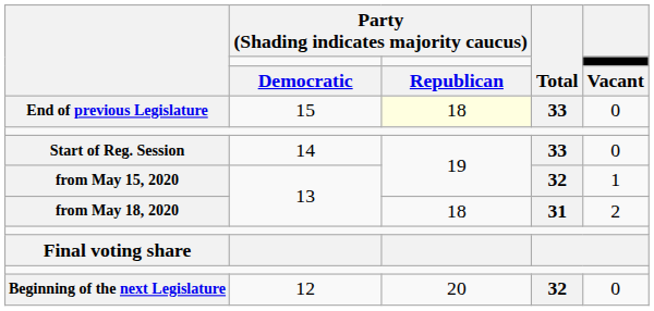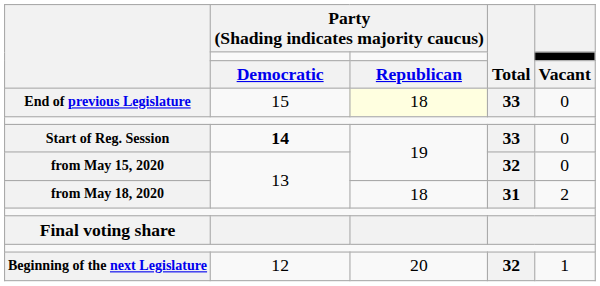 <table class=wikitable style="text-align:center">
 <tr style="vertical-align:bottom;">
 <th rowspan=3></th>
 <th colspan=2>Party <div>(Shading indicates majority caucus)</div></th>
 <th rowspan=3>Total</th>
 <th></th>
 </tr>
 <tr style="height:5px">
 <td style="background-color:"></td>
 <td style="background-color:"></td>
 <td style="background-color:black"></td>
 </tr>
 <tr>
 <th><a href='#'>Democratic</a></th>
 <th><a href='#'>Republican</a></th>
 <th>Vacant</th>
 </tr>
 <tr>
 <th nowrap style="font-size:80%">End of <a href='#'>previous Legislature</a></th>
 <td>15</td>
 <td style="background: lightyellow;">18</td>
 <th>33</th>
 <td>0</td>
 </tr>
 <tr>
 <td colspan=5></td>
 </tr>
 <tr>
 <th nowrap style="font-size:80%">Start of Reg. Session</th>
-<td>14</td>
+<td><strong>14</strong></td>
 <td rowspan="2" >19</td>
 <th>33</th>
 <td>0</td>
 </tr>
 <tr>
 <th nowrap style="font-size:80%">from May 15, 2020</th>
 <td rowspan="2">13</td>
 <th>32</th>
-<td>1</td>
+<td>0</td>
 </tr>
 <tr>
 <th nowrap style="font-size:80%">from May 18, 2020</th>
 <td>18</td>
 <th>31</th>
 <td>2</td>
 </tr>
 <tr>
 <td colspan=5></td>
 </tr>
 <tr>
 <th>Final voting share</th>
 <th></th>
 <th></th>
 <th colspan=2></th>
 </tr>
 <tr>
 <td colspan=5></td>
 </tr>
 <tr>
 <th style="white-space:nowrap; font-size:80%;">Beginning of the <a href='#'>next Legislature</a></th>
 <td>12</td>
 <td>20</td>
 <th>32</th>
-<td>0</td>
+<td>1</td>
 </tr>
 </table>
